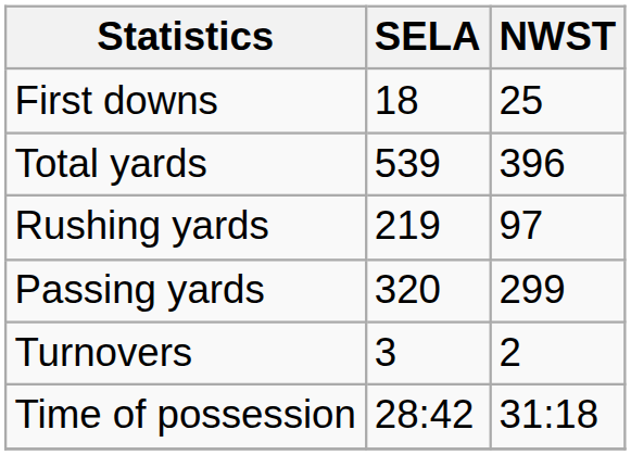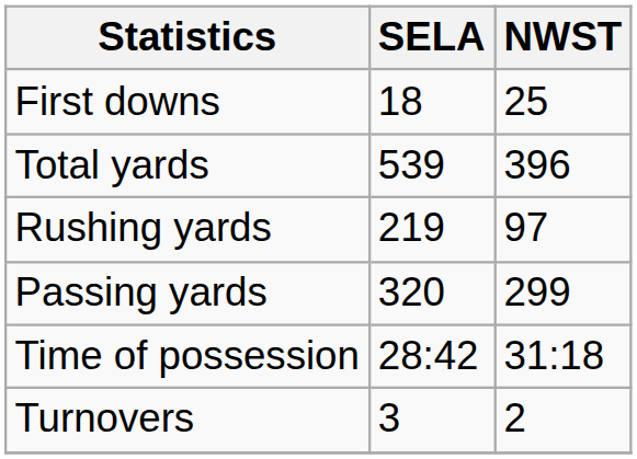 <table class="wikitable" style="float: left;">
 <tr>
 <th>Statistics</th>
 <th>SELA</th>
 <th>NWST</th>
 </tr>
 <tr>
 <td>First downs</td>
 <td>18</td>
 <td>25</td>
 </tr>
 <tr>
 <td>Total yards</td>
 <td>539</td>
 <td>396</td>
 </tr>
 <tr>
 <td>Rushing yards</td>
 <td>219</td>
 <td>97</td>
 </tr>
 <tr>
 <td>Passing yards</td>
 <td>320</td>
 <td>299</td>
 </tr>
 <tr>
+<td>Time of possession</td>
+<td>28:42</td>
+<td>31:18</td>
+</tr>
+<tr>
 <td>Turnovers</td>
 <td>3</td>
 <td>2</td>
 </tr>
 <tr>
-<td>Time of possession</td>
-<td>28:42</td>
-<td>31:18</td>
-</tr>
-<tr>
 </tr>
 </table>
